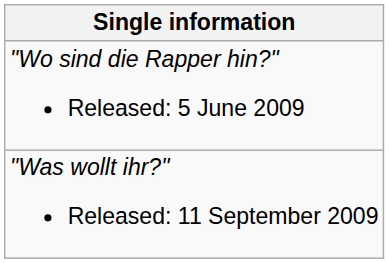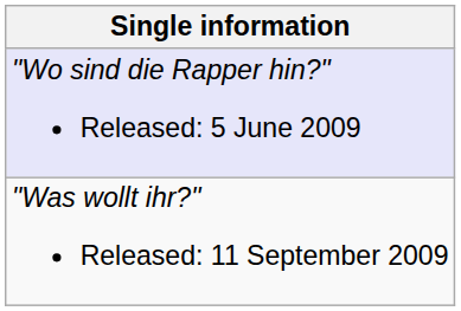 <table class="wikitable">
 <tr>
 <th>Single information</th>
 </tr>
 <tr>
-<td><em>"Wo sind die Rapper hin?"</em><br><ul><li>Released: 5 June 2009</li></ul></td>
+<td style="background: lavender;"><em>"Wo sind die Rapper hin?"</em><br><ul><li>Released: 5 June 2009</li></ul></td>
 </tr>
 <tr>
 <td><em>"Was wollt ihr?"</em><br><ul><li>Released: 11 September 2009</li></ul></td>
 </tr>
 </table>
